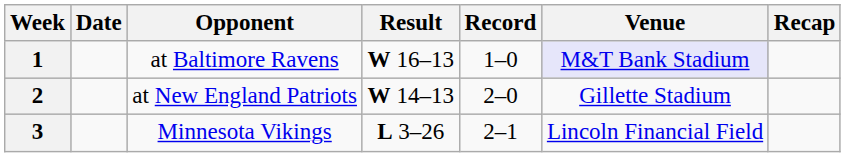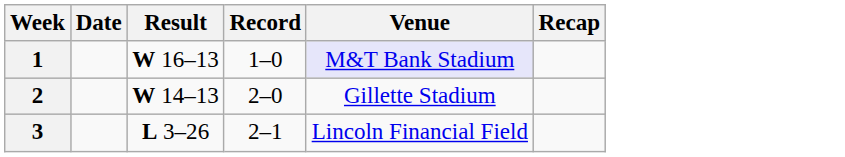 <table class="wikitable" style="text-align:center">
 <tr>
 <th>Week</th>
 <th>Date</th>
-<th>Opponent</th>
 <th>Result</th>
 <th>Record</th>
 <th>Venue</th>
 <th>Recap</th>
 </tr>
 <tr>
 <th>1</th>
 <td></td>
-<td>at <a href='#'>Baltimore Ravens</a></td>
 <td><strong>W</strong> 16–13</td>
 <td>1–0</td>
 <td style="background: lavender;"><a href='#'>M&T Bank Stadium</a></td>
 <td></td>
 </tr>
 <tr>
 <th>2</th>
 <td></td>
-<td>at <a href='#'>New England Patriots</a></td>
 <td><strong>W</strong> 14–13</td>
 <td>2–0</td>
 <td><a href='#'>Gillette Stadium</a></td>
 <td></td>
 </tr>
 <tr>
 <th>3</th>
 <td></td>
-<td><a href='#'>Minnesota Vikings</a></td>
 <td><strong>L</strong> 3–26</td>
 <td>2–1</td>
 <td><a href='#'>Lincoln Financial Field</a></td>
 <td></td>
 </tr>
 </table>
